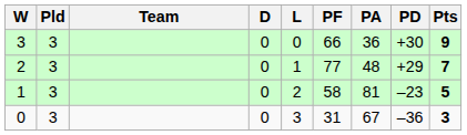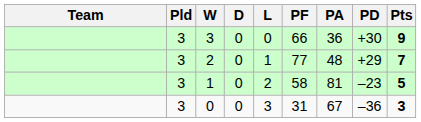 <table class="wikitable" style="text-align:center;">
 <tr>
+<th width=175>Team</th>
+<th width=25 abbr="Played">Pld</th>
 <th width=25 abbr="Won">W</th>
-<th width=25 abbr="Played">Pld</th>
-<th width=175>Team</th>
 <th width=25 abbr="Drawn">D</th>
 <th width=25 abbr="Lost">L</th>
 <th width=32 abbr="Points for">PF</th>
 <th width=32 abbr="Points against">PA</th>
 <th width=32 abbr="Points difference">PD</th>
 <th width=25 abbr="Points">Pts</th>
 </tr>
 <tr bgcolor=ccffcc>
+<td align=left></td>
 <td>3</td>
 <td>3</td>
-<td align=left></td>
 <td>0</td>
 <td>0</td>
 <td>66</td>
 <td>36</td>
 <td>+30</td>
 <td><strong>9</strong></td>
 </tr>
 <tr bgcolor=ccffcc>
+<td align=left></td>
+<td>3</td>
 <td>2</td>
-<td>3</td>
-<td align=left></td>
 <td>0</td>
 <td>1</td>
 <td>77</td>
 <td>48</td>
 <td>+29</td>
 <td><strong>7</strong></td>
 </tr>
 <tr bgcolor=ccffcc>
+<td align=left></td>
+<td>3</td>
 <td>1</td>
-<td>3</td>
-<td align=left></td>
 <td>0</td>
 <td>2</td>
 <td>58</td>
 <td>81</td>
 <td>–23</td>
 <td><strong>5</strong></td>
 </tr>
 <tr>
+<td align=left></td>
+<td>3</td>
 <td>0</td>
-<td>3</td>
-<td align=left></td>
 <td>0</td>
 <td>3</td>
 <td>31</td>
 <td>67</td>
 <td>–36</td>
 <td><strong>3</strong></td>
 </tr>
 </table>
